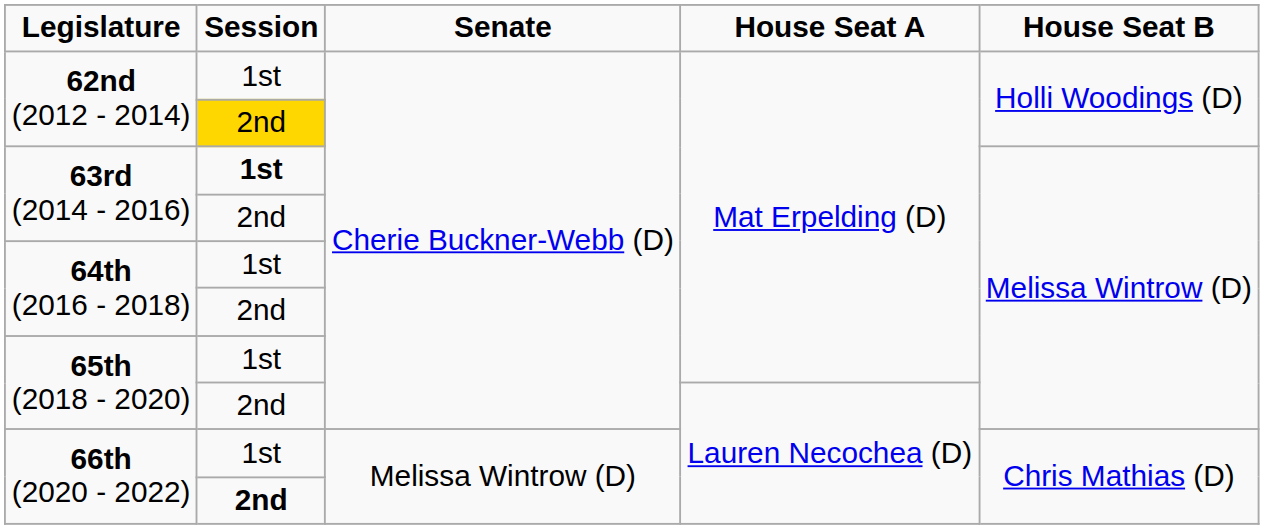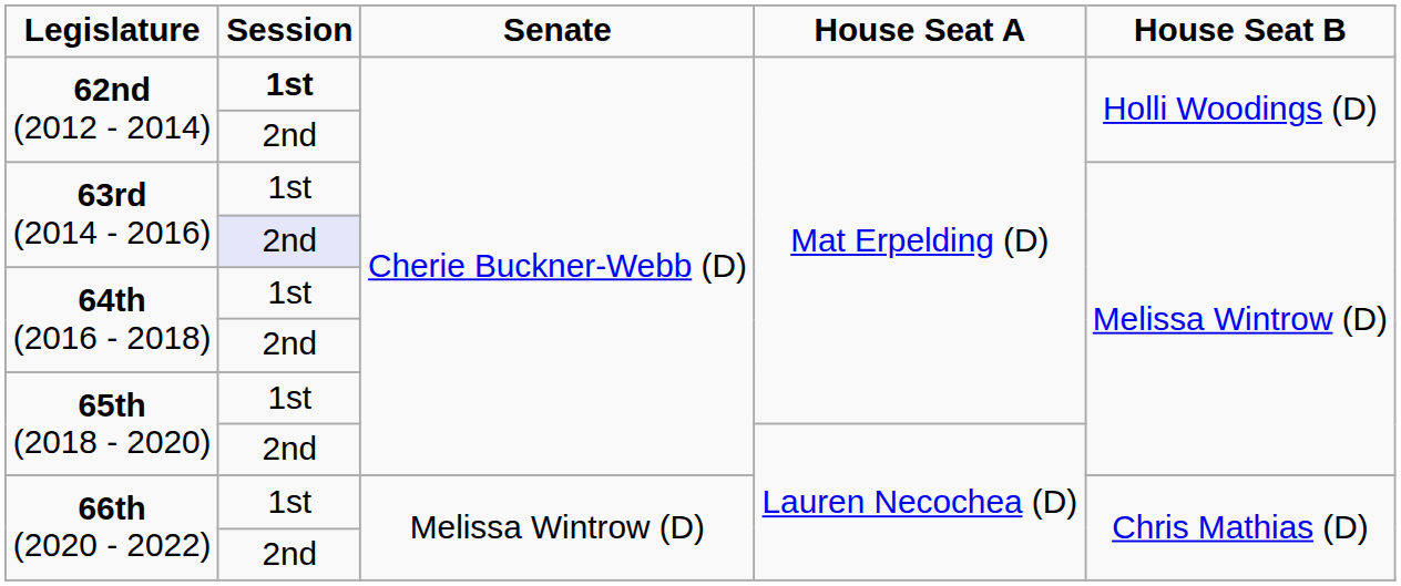 <table class=wikitable style="text-align:center">
 <tr>
 <td><strong>Legislature</strong></td>
 <td><strong>Session</strong></td>
 <td><strong>Senate</strong></td>
 <td><strong>House Seat A</strong></td>
 <td><strong>House Seat B</strong></td>
 </tr>
 <tr>
 <td rowspan="2" colspan="1" style="text-align: center;"><strong>62nd</strong> <br> (2012 - 2014)</td>
-<td>1st</td>
+<td><strong>1st</strong></td>
 <td rowspan="8" colspan="1" style="text-align: center;" ><a href='#'>Cherie Buckner-Webb</a> (D)</td>
 <td colspan="1" rowspan="7" ><a href='#'>Mat Erpelding</a> (D)</td>
 <td rowspan="2" colspan="1" style="text-align: center;" ><a href='#'>Holli Woodings</a> (D)</td>
 </tr>
 <tr>
-<td style="background: gold;">2nd</td>
+<td>2nd</td>
 </tr>
 <tr>
 <td rowspan="2" colspan="1" style="text-align: center;"><strong>63rd</strong> <br> (2014 - 2016)</td>
-<td><strong>1st</strong></td>
+<td>1st</td>
 <td rowspan="6" colspan="1" style="text-align: center;" ><a href='#'>Melissa Wintrow</a> (D)</td>
 </tr>
 <tr>
-<td>2nd</td>
+<td style="background: lavender;">2nd</td>
 </tr>
 <tr>
 <td rowspan="2" colspan="1" style="text-align: center;"><strong>64th</strong> <br> (2016 - 2018)</td>
 <td>1st</td>
 </tr>
 <tr>
 <td>2nd</td>
 </tr>
 <tr>
 <td rowspan="2" colspan="1" style="text-align: center;"><strong>65th</strong> <br> (2018 - 2020)</td>
 <td>1st</td>
 </tr>
 <tr>
 <td>2nd</td>
 <td rowspan="3" colspan="1" style="text-align: center;" ><a href='#'>Lauren Necochea</a> (D)</td>
 </tr>
 <tr>
 <td rowspan="2" colspan="1" style="text-align: center;"><strong>66th</strong> <br> (2020 - 2022)</td>
 <td>1st</td>
 <td rowspan="2" colspan="1" style="text-align: center;" >Melissa Wintrow (D)</td>
 <td rowspan="2" colspan="1" style="text-align: center;" ><a href='#'>Chris Mathias</a> (D)</td>
 </tr>
 <tr>
-<td><strong>2nd</strong></td>
+<td>2nd</td>
 </tr>
 </table>
